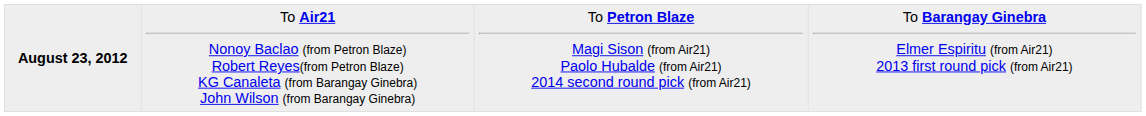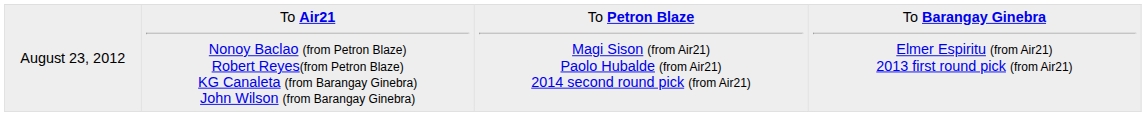 <table border=1 style="border-collapse:collapse; text-align: center; width: 100%" bordercolor="#DFDFDF"  cellpadding="5">
 <tr>
 </tr>
 <tr bgcolor="eeeeee">
-<td style="width:12%"><strong>August 23, 2012</strong></td>
+<td style="width:12%">August 23, 2012</td>
 <td style="width:29.3%" valign="top">To <strong><a href='#'>Air21</a></strong><hr><a href='#'>Nonoy Baclao</a> <small>(from Petron Blaze)</small> <br> <a href='#'>Robert Reyes</a><small>(from Petron Blaze)</small> <br><a href='#'>KG Canaleta</a> <small>(from Barangay Ginebra)</small> <br><a href='#'>John Wilson</a> <small>(from Barangay Ginebra)</small></td>
 <td style="width:29.3%" valign="top">To <strong><a href='#'>Petron Blaze</a></strong><hr><a href='#'>Magi Sison</a> <small>(from Air21)</small> <br> <a href='#'>Paolo Hubalde</a> <small>(from Air21)</small> <br> <a href='#'>2014 second round pick</a> <small>(from Air21)</small></td>
 <td style="width:29.3%" valign="top">To <strong><a href='#'>Barangay Ginebra</a> <hr> </strong><a href='#'>Elmer Espiritu</a> <small>(from Air21)</small> <br> <a href='#'>2013 first round pick</a> <small>(from Air21)</small></td>
 </tr>
 </table>
